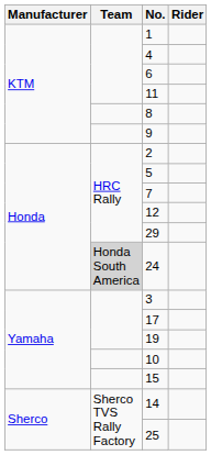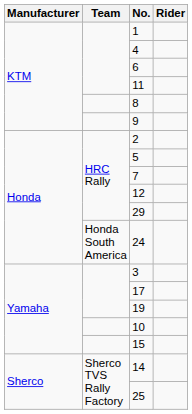 <table class="wikitable" style="font-size:85%; ; width:15%">
 <tr>
 <th>Manufacturer</th>
 <th>Team</th>
 <th>No.</th>
 <th>Rider</th>
 </tr>
 <tr>
 <td rowspan=6> <a href='#'>KTM</a></td>
 <td rowspan=4></td>
 <td>1</td>
 <td></td>
 </tr>
 <tr>
 <td>4</td>
 <td></td>
 </tr>
 <tr>
 <td>6</td>
 <td></td>
 </tr>
 <tr>
 <td>11</td>
 <td></td>
 </tr>
 <tr>
 <td></td>
 <td>8</td>
 <td></td>
 </tr>
 <tr>
 <td></td>
 <td>9</td>
 <td></td>
 </tr>
 <tr>
 <td rowspan=6> <a href='#'>Honda</a></td>
 <td rowspan=5><a href='#'>HRC</a> Rally</td>
 <td>2</td>
 <td></td>
 </tr>
 <tr>
 <td>5</td>
 <td></td>
 </tr>
 <tr>
 <td>7</td>
 <td></td>
 </tr>
 <tr>
 <td>12</td>
 <td></td>
 </tr>
 <tr>
 <td>29</td>
 <td></td>
 </tr>
 <tr>
-<td style="background: lightgrey;">Honda South America</td>
+<td>Honda South America</td>
 <td>24</td>
 <td></td>
 </tr>
 <tr>
 <td rowspan=5> <a href='#'>Yamaha</a></td>
 <td rowspan=3></td>
 <td>3</td>
 <td></td>
 </tr>
 <tr>
 <td>17</td>
 <td></td>
 </tr>
 <tr>
 <td>19</td>
 <td></td>
 </tr>
 <tr>
 <td></td>
 <td>10</td>
 <td></td>
 </tr>
 <tr>
 <td></td>
 <td>15</td>
 <td></td>
 </tr>
 <tr>
 <td rowspan=2> <a href='#'>Sherco</a></td>
 <td rowspan=2>Sherco TVS Rally Factory</td>
 <td>14</td>
 <td></td>
 </tr>
 <tr>
 <td>25</td>
 <td></td>
 </tr>
 </table>
